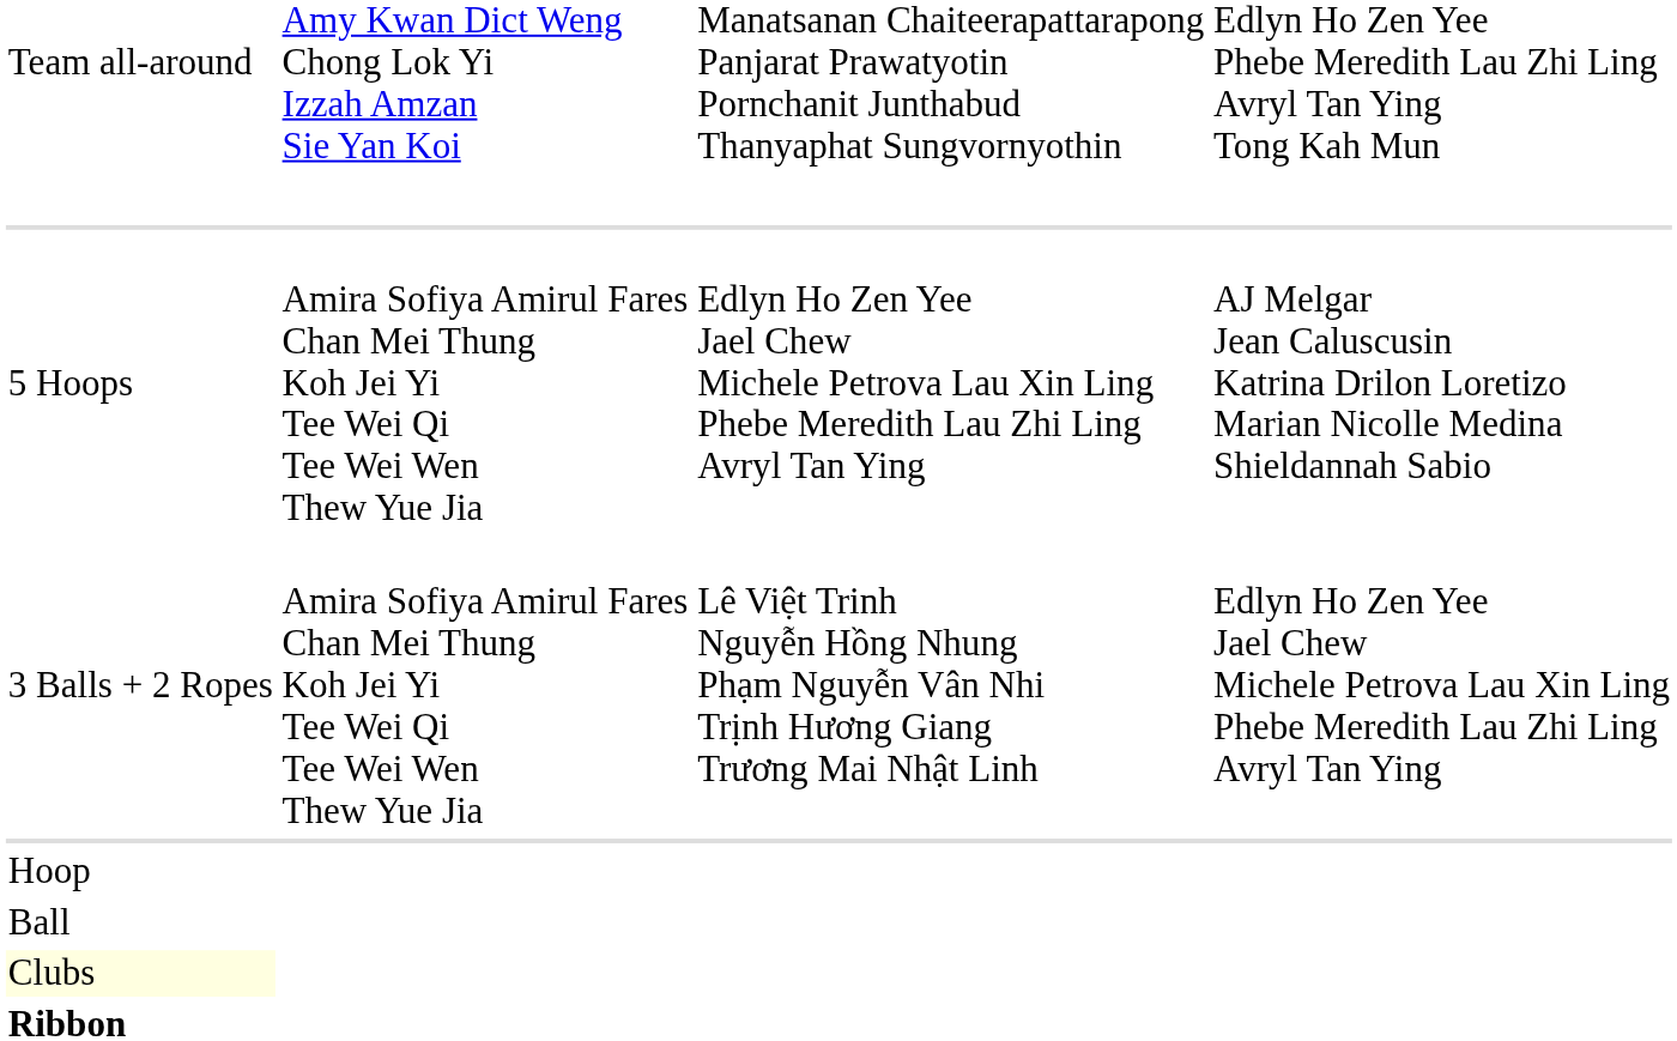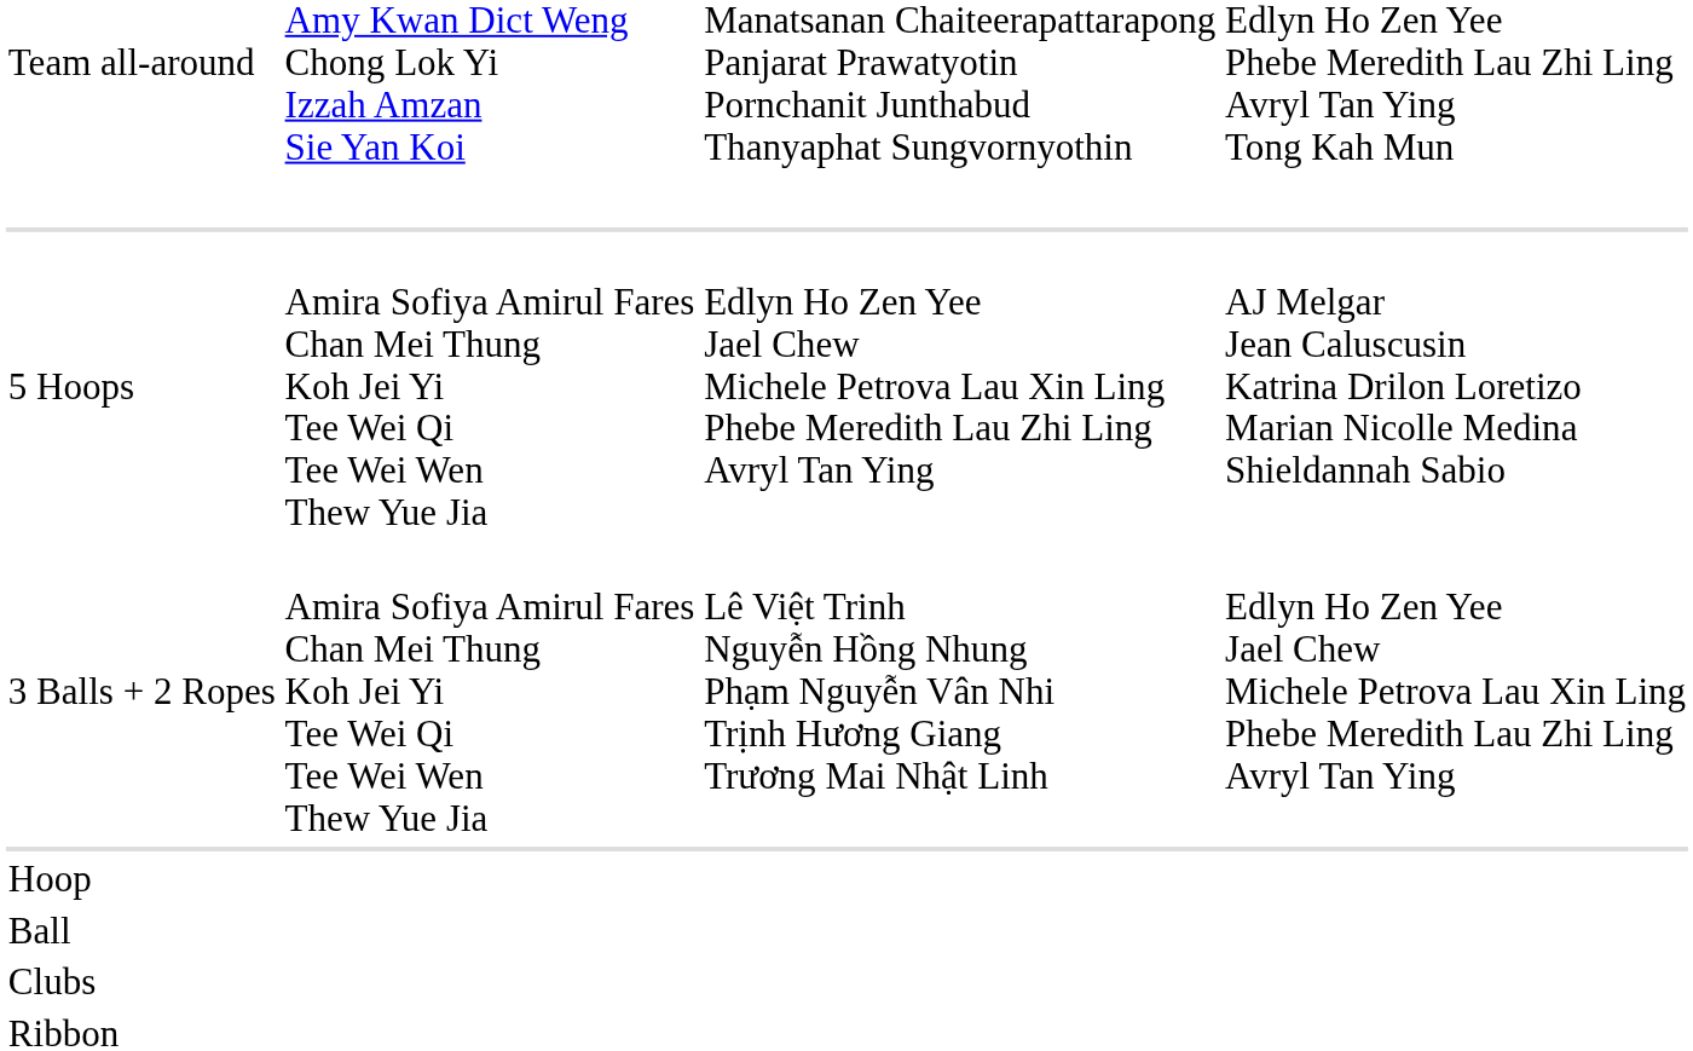 <table>
 <tr>
 <td>Team all-around<br></td>
 <td><br><a href='#'>Amy Kwan Dict Weng</a><br>Chong Lok Yi<br><a href='#'>Izzah Amzan</a><br><a href='#'>Sie Yan Koi</a><br></td>
 <td nowrap=true><br>Manatsanan Chaiteerapattarapong<br>Panjarat Prawatyotin<br>Pornchanit Junthabud<br>Thanyaphat Sungvornyothin</td>
 <td><br>Edlyn Ho Zen Yee<br>Phebe Meredith Lau Zhi Ling<br>Avryl Tan Ying<br>Tong Kah Mun</td>
 </tr>
 <tr>
 <td><br></td>
 <td></td>
 <td></td>
 <td></td>
 </tr>
 <tr style="background:#dddddd;">
 <td colspan=7></td>
 </tr>
 <tr>
 <td>5 Hoops<br></td>
 <td nowrap=true><br>Amira Sofiya Amirul Fares<br>Chan Mei Thung<br>Koh Jei Yi<br>Tee Wei Qi<br>Tee Wei Wen<br>Thew Yue Jia</td>
 <td valign=top><br>Edlyn Ho Zen Yee<br>Jael Chew<br>Michele Petrova Lau Xin Ling<br>Phebe Meredith Lau Zhi Ling<br>Avryl Tan Ying</td>
 <td valign=top><br>AJ Melgar<br>Jean Caluscusin<br>Katrina Drilon Loretizo<br>Marian Nicolle Medina<br>Shieldannah Sabio</td>
 </tr>
 <tr>
 <td>3 Balls + 2 Ropes<br></td>
 <td><br>Amira Sofiya Amirul Fares<br>Chan Mei Thung<br>Koh Jei Yi<br>Tee Wei Qi<br>Tee Wei Wen<br>Thew Yue Jia</td>
 <td valign=top><br>Lê Việt Trinh<br>Nguyễn Hồng Nhung<br>Phạm Nguyễn Vân Nhi<br>Trịnh Hương Giang<br>Trương Mai Nhật Linh</td>
 <td nowrap=true valign=top><br>Edlyn Ho Zen Yee<br>Jael Chew<br>Michele Petrova Lau Xin Ling<br>Phebe Meredith Lau Zhi Ling<br>Avryl Tan Ying</td>
 </tr>
 <tr style="background:#dddddd;">
 <td colspan=7></td>
 </tr>
 <tr>
 <td rowspan=2>Hoop<br></td>
 <td rowspan=2></td>
 <td rowspan=2></td>
 <td></td>
 </tr>
 <tr>
 <td></td>
 </tr>
 <tr>
 <td>Ball<br></td>
 <td></td>
 <td></td>
 <td></td>
 </tr>
 <tr>
-<td style="background: lightyellow;">Clubs<br></td>
+<td>Clubs<br></td>
 <td></td>
 <td></td>
 <td></td>
 </tr>
 <tr>
-<td><strong>Ribbon<br></strong></td>
+<td>Ribbon<br></td>
 <td></td>
 <td></td>
 <td></td>
 </tr>
 <tr>
 </tr>
 </table>
